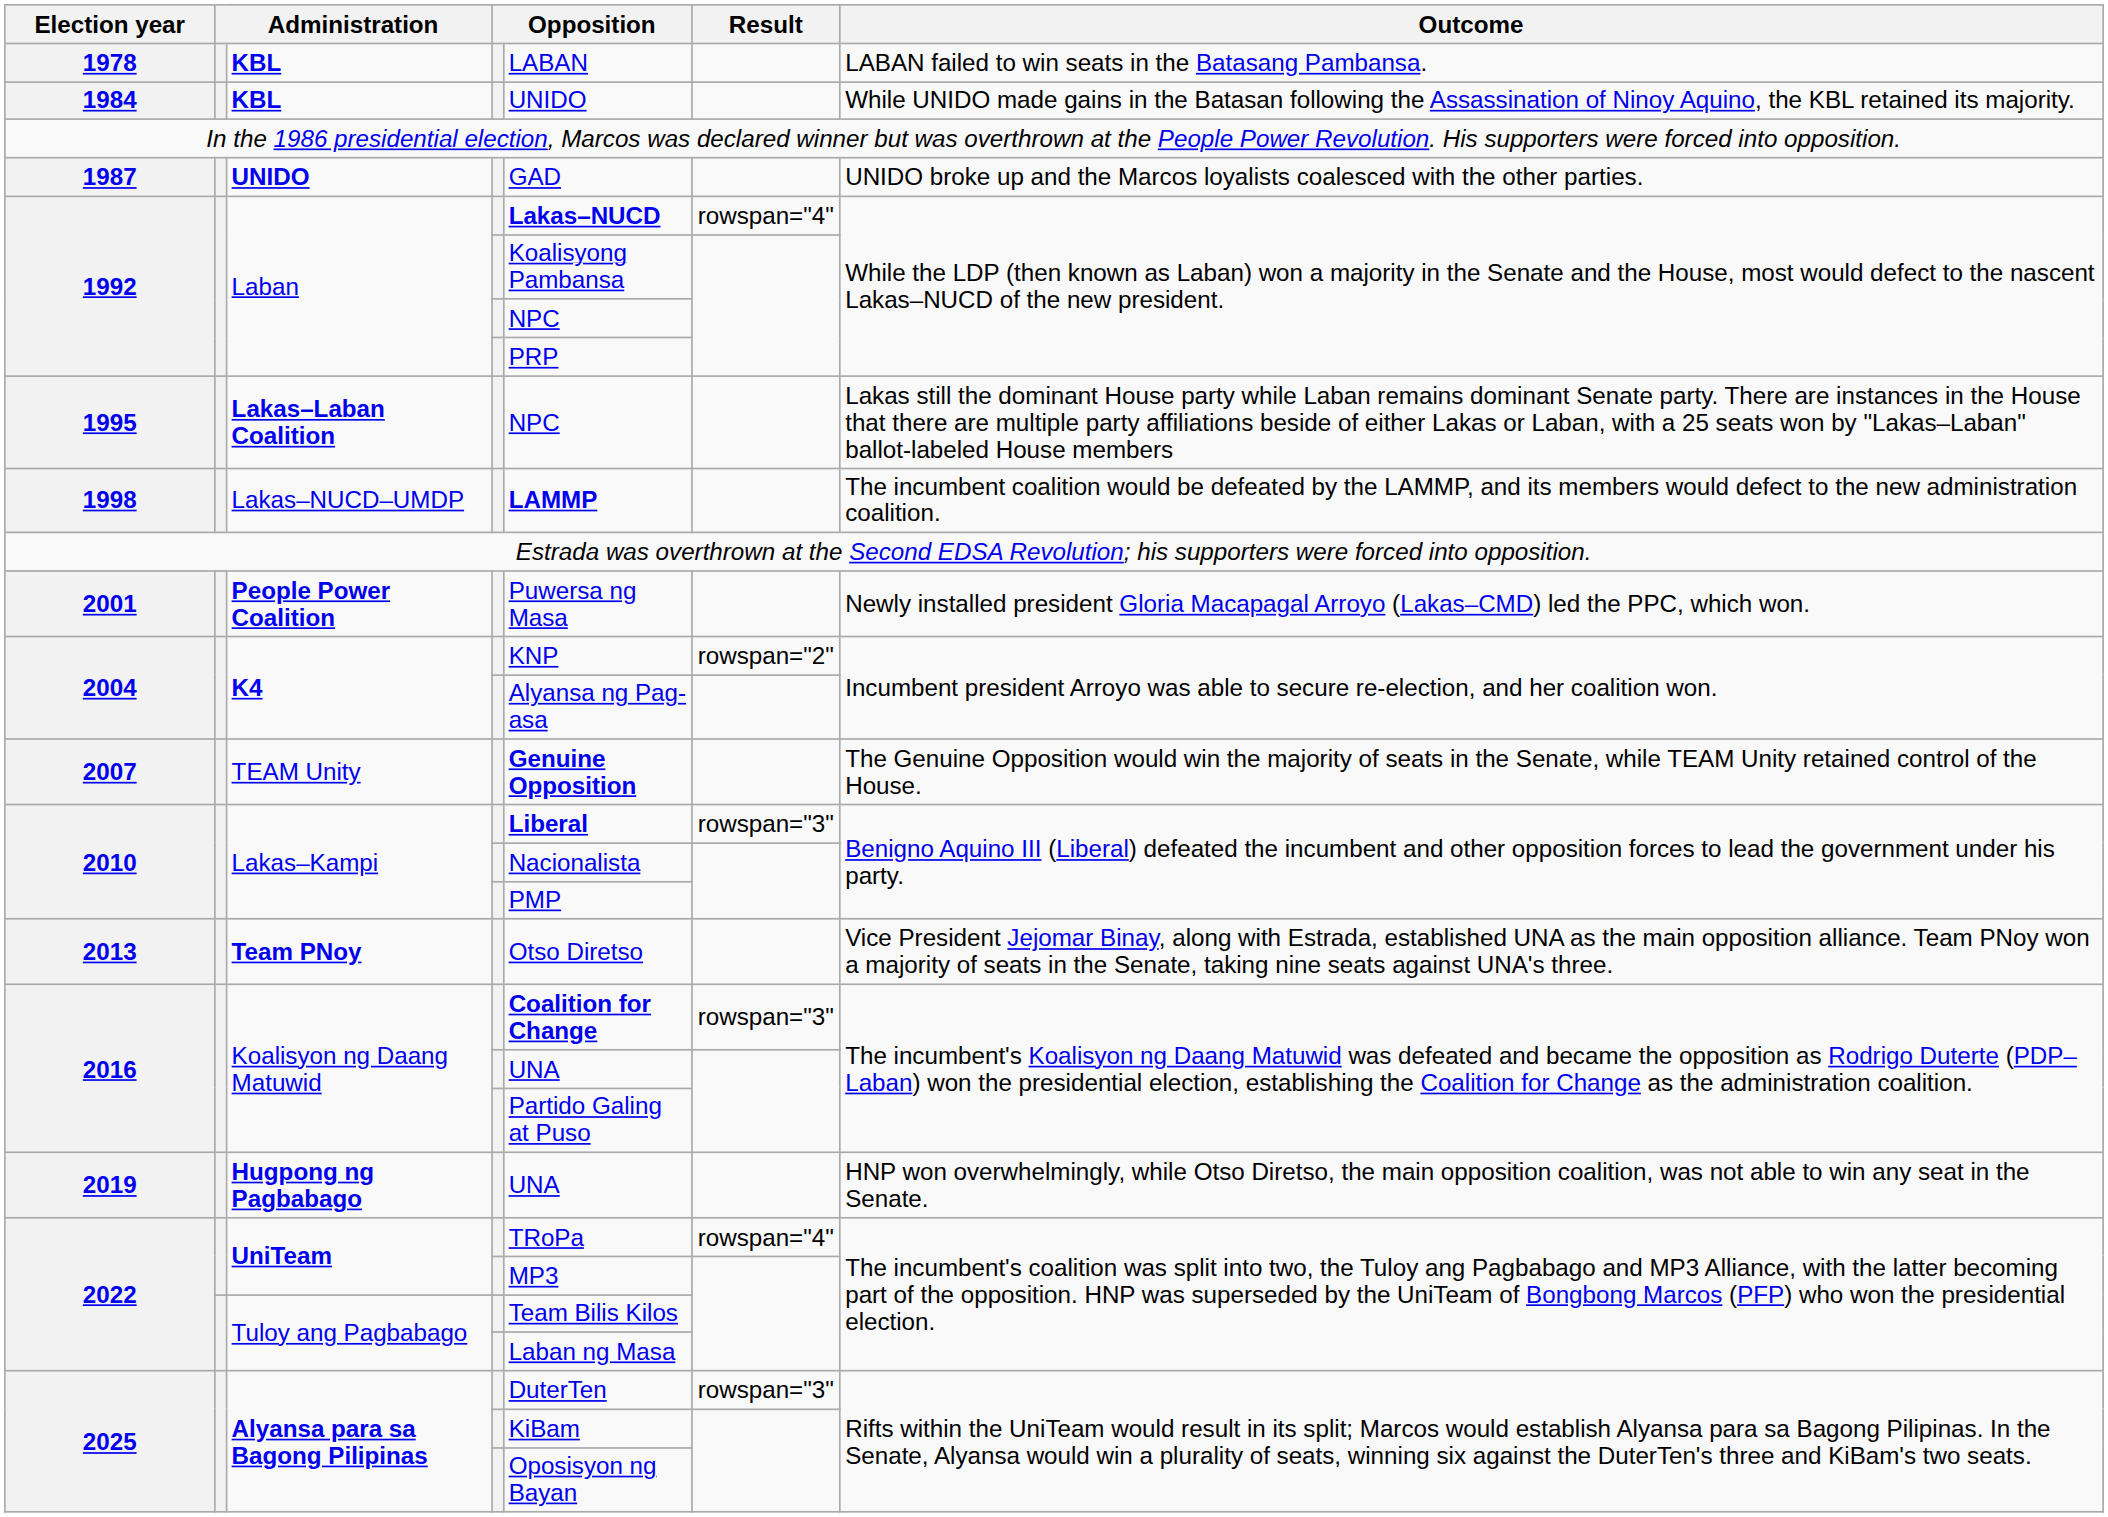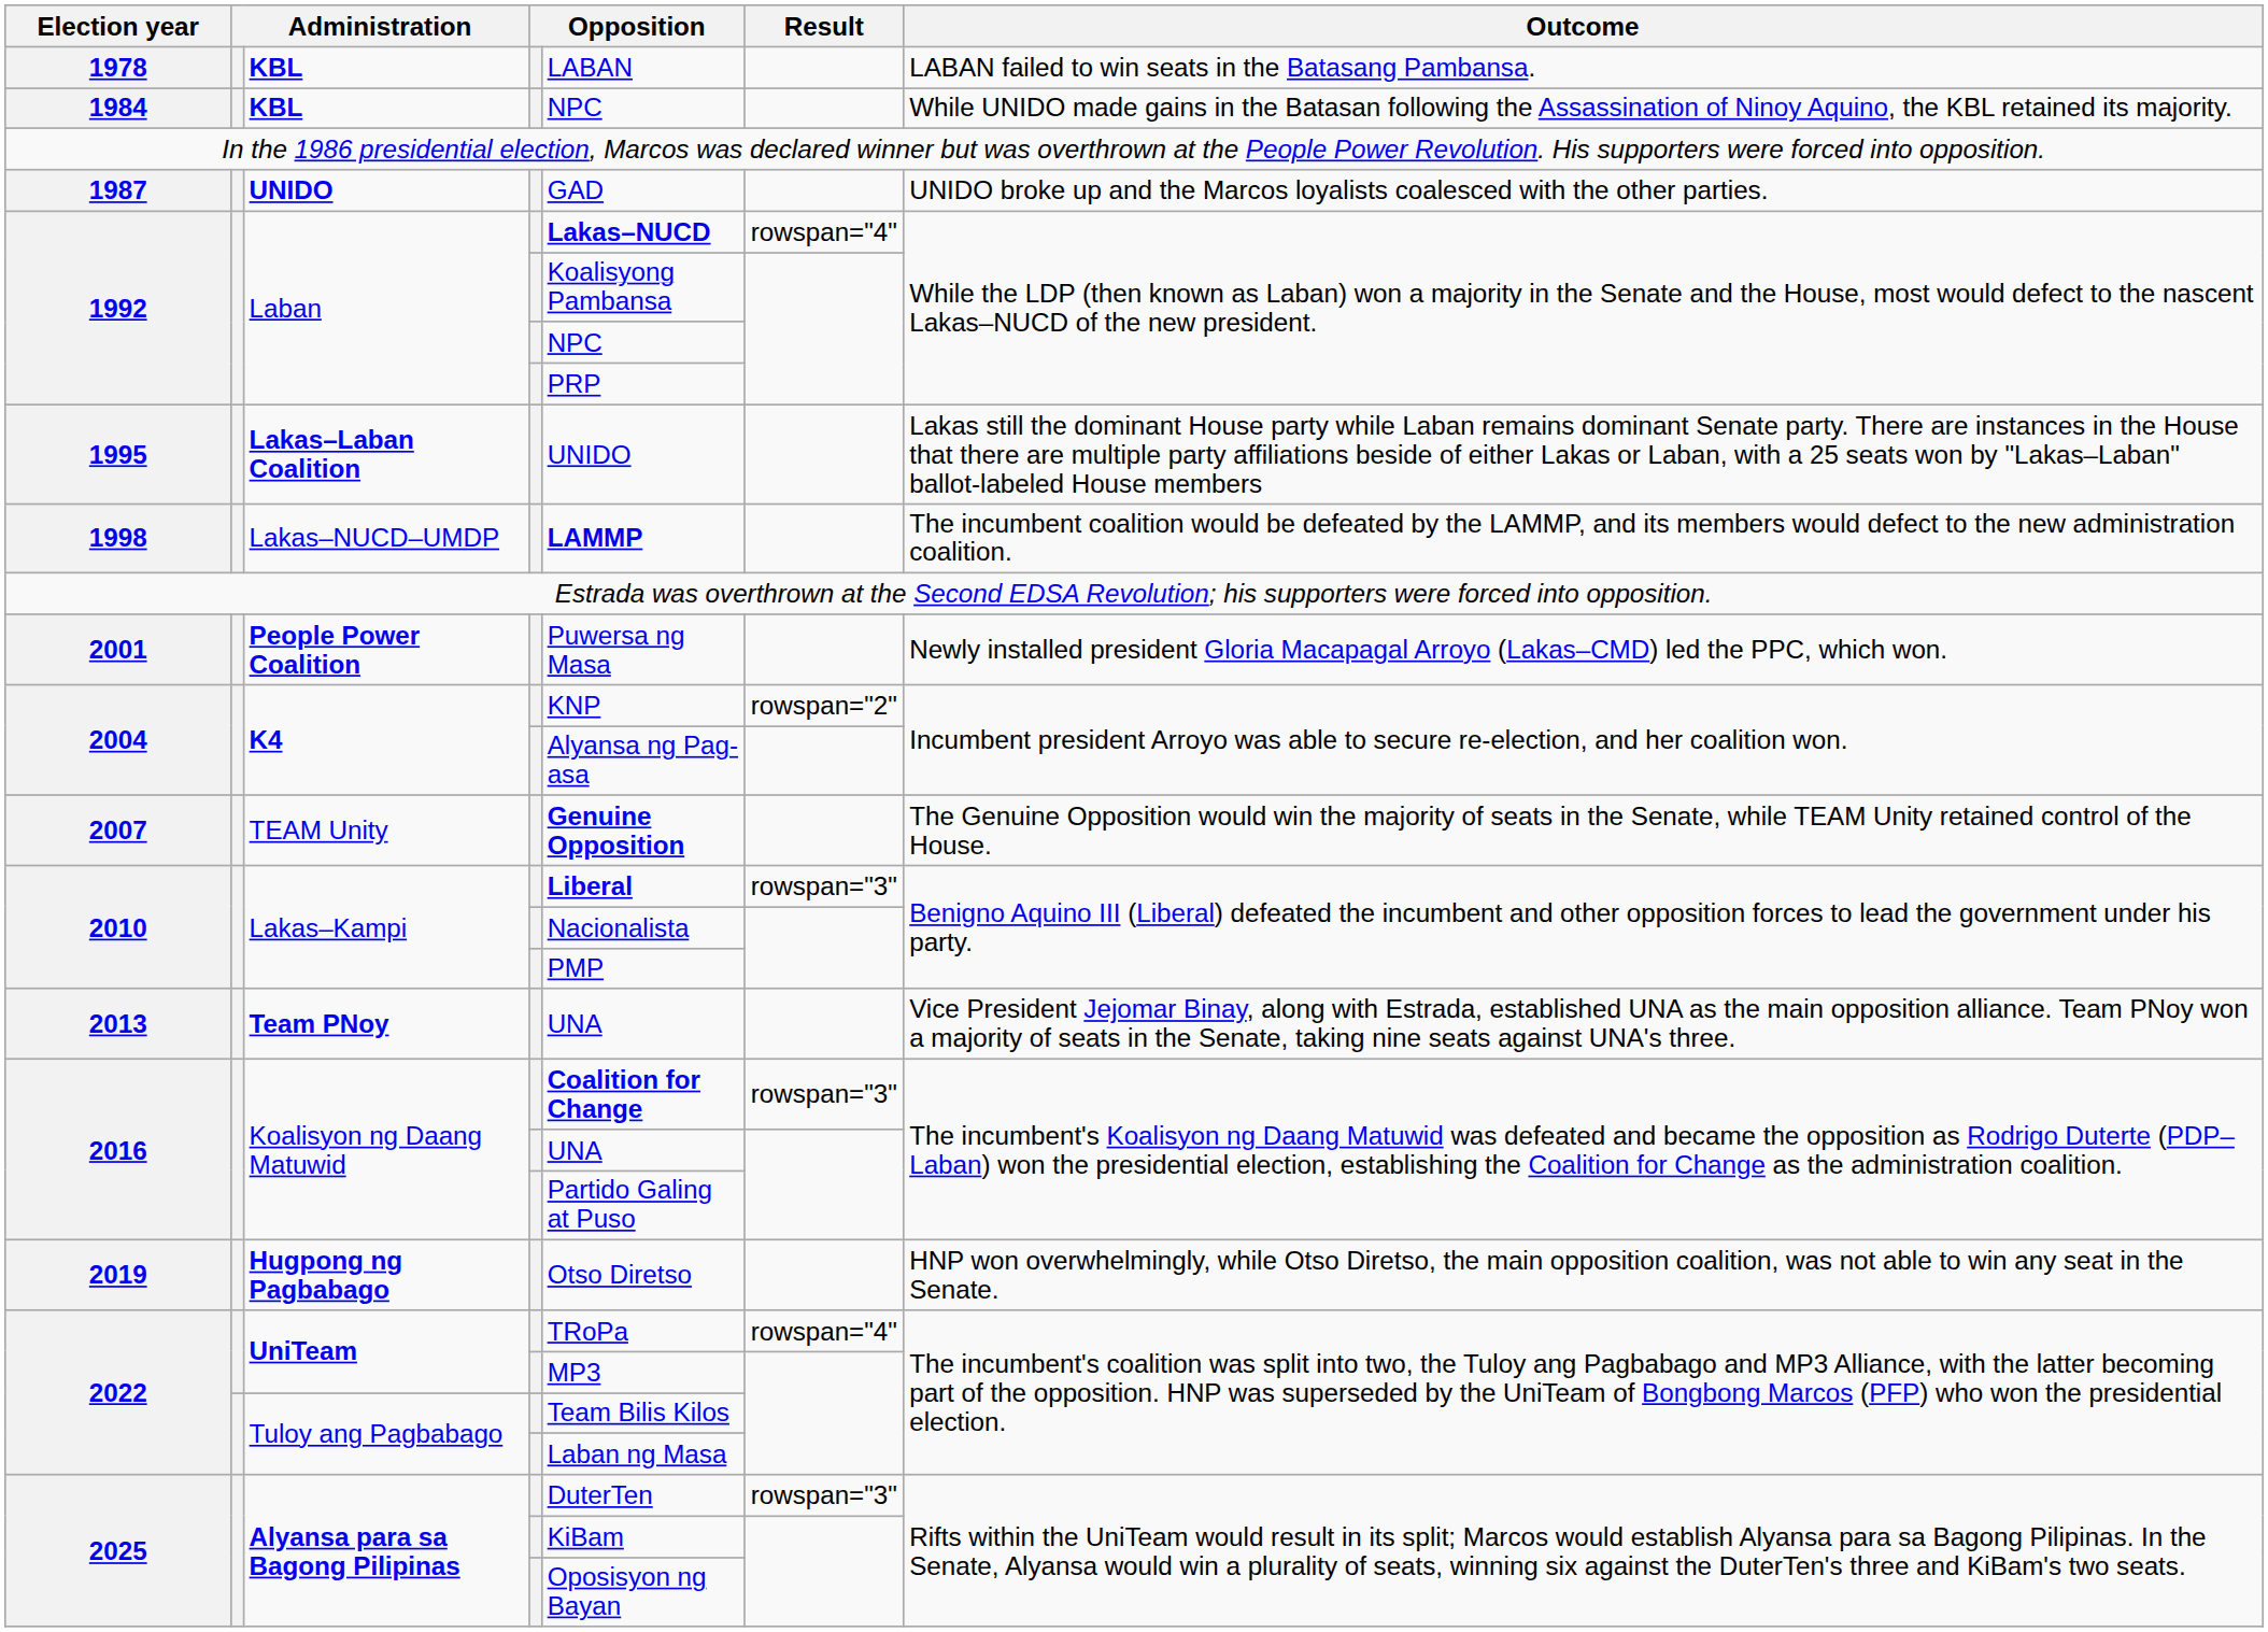 <table class="wikitable sortable" style="font-size:90%">
 <tr>
 <th width="10%">Election year</th>
 <th colspan="2">Administration</th>
 <th colspan="2">Opposition</th>
 <th>Result</th>
 <th>Outcome</th>
 </tr>
 <tr>
 <th><a href='#'>1978</a></th>
 <th style="background:"></th>
 <td><strong><a href='#'>KBL</a></strong></td>
 <th style="background:"></th>
 <td><a href='#'>LABAN</a></td>
 <td></td>
 <td>LABAN failed to win seats in the <a href='#'>Batasang Pambansa</a>.</td>
 </tr>
 <tr>
 <th><a href='#'>1984</a></th>
 <th style="background:"></th>
 <td><strong><a href='#'>KBL</a></strong></td>
 <th style="background:"></th>
-<td><a href='#'>UNIDO</a></td>
+<td><a href='#'>NPC</a></td>
 <td></td>
 <td>While UNIDO made gains in the Batasan following the <a href='#'>Assassination of Ninoy Aquino</a>, the KBL retained its majority.</td>
 </tr>
 <tr>
 <td colspan="7" style="text-align:center"><em>In the <a href='#'>1986 presidential election</a>, Marcos was declared winner but was overthrown at the <a href='#'>People Power Revolution</a>. His supporters were forced into opposition.</em></td>
 </tr>
 <tr>
 <th><a href='#'>1987</a></th>
 <th style="background:"></th>
 <td><strong><a href='#'>UNIDO</a></strong></td>
 <th style="background:"></th>
 <td><a href='#'>GAD</a></td>
 <td></td>
 <td>UNIDO broke up and the Marcos loyalists coalesced with the other parties.</td>
 </tr>
 <tr>
 <th rowspan="4"><a href='#'>1992</a></th>
 <th rowspan="4" style="background:"></th>
 <td rowspan="4"><a href='#'>Laban</a></td>
 <th style="background:"></th>
 <td><strong><a href='#'>Lakas–NUCD</a></strong></td>
 <td>rowspan="4" </td>
 <td rowspan="4">While the LDP (then known as Laban) won a majority in the Senate and the House, most would defect to the nascent Lakas–NUCD of the new president.</td>
 </tr>
 <tr>
 <th style="background:"></th>
 <td><a href='#'>Koalisyong Pambansa</a></td>
 </tr>
 <tr>
 <th style="background:"></th>
 <td><a href='#'>NPC</a></td>
 </tr>
 <tr>
 <th style="background:"></th>
 <td><a href='#'>PRP</a></td>
 </tr>
 <tr>
 <th><a href='#'>1995</a></th>
 <th style="background:"></th>
 <td><a href='#'><strong>Lakas–Laban Coalition</strong></a></td>
 <th style="background:"></th>
-<td><a href='#'>NPC</a></td>
+<td><a href='#'>UNIDO</a></td>
 <td></td>
 <td>Lakas still the dominant House party  while Laban remains dominant Senate party. There are instances in the House that there are multiple party affiliations beside of either Lakas or Laban, with a 25 seats won by "Lakas–Laban" ballot-labeled House members</td>
 </tr>
 <tr>
 <th><a href='#'>1998</a></th>
 <th style="background:"></th>
 <td><a href='#'>Lakas–NUCD–UMDP</a></td>
 <th style="background:"></th>
 <td><strong><a href='#'>LAMMP</a></strong></td>
 <td></td>
 <td>The incumbent coalition would be defeated by the LAMMP, and its members would defect to the new administration coalition.</td>
 </tr>
 <tr>
 <td colspan="7" style="text-align:center"><em>Estrada was overthrown at the <a href='#'>Second EDSA Revolution</a>; his supporters were forced into opposition.</em></td>
 </tr>
 <tr>
 <th><a href='#'>2001</a></th>
 <th style="background:"></th>
 <td><strong><a href='#'>People Power Coalition</a></strong></td>
 <th style="background:"></th>
 <td><a href='#'>Puwersa ng Masa</a></td>
 <td></td>
 <td>Newly installed president <a href='#'>Gloria Macapagal Arroyo</a> (<a href='#'>Lakas–CMD</a>) led the PPC, which won.</td>
 </tr>
 <tr>
 <th rowspan="2"><a href='#'>2004</a></th>
 <th rowspan="2" style="background:"></th>
 <td rowspan="2"><strong><a href='#'>K4</a></strong></td>
 <th style="background:"></th>
 <td><a href='#'>KNP</a></td>
 <td>rowspan="2" </td>
 <td rowspan="2">Incumbent president Arroyo was able to secure re-election, and her coalition won.</td>
 </tr>
 <tr>
 <th style="background:"></th>
 <td><a href='#'>Alyansa ng Pag-asa</a></td>
 </tr>
 <tr>
 <th><a href='#'>2007</a></th>
 <th style="background:"></th>
 <td><a href='#'>TEAM Unity</a></td>
 <th style="background:"></th>
 <td><strong><a href='#'>Genuine Opposition</a></strong></td>
 <td></td>
 <td>The Genuine Opposition would win the majority of seats in the Senate, while TEAM Unity retained control of the House.</td>
 </tr>
 <tr>
 <th rowspan="3"><a href='#'>2010</a></th>
 <th rowspan="3" style="background:"></th>
 <td rowspan="3"><a href='#'>Lakas–Kampi</a></td>
 <th style="background:"></th>
 <td><a href='#'><strong>Liberal</strong></a></td>
 <td>rowspan="3" </td>
 <td rowspan="3"><a href='#'>Benigno Aquino III</a> (<a href='#'>Liberal</a>) defeated the incumbent and other opposition forces to lead the government under his party.</td>
 </tr>
 <tr>
 <th style="background:"></th>
 <td><a href='#'>Nacionalista</a></td>
 </tr>
 <tr>
 <th style="background:"></th>
 <td><a href='#'>PMP</a></td>
 </tr>
 <tr>
 <th><a href='#'>2013</a></th>
 <th style="background:"></th>
 <td><strong><a href='#'>Team PNoy</a></strong></td>
 <th style="background:"></th>
-<td><a href='#'>Otso Diretso</a></td>
+<td><a href='#'>UNA</a></td>
 <td></td>
 <td>Vice President <a href='#'>Jejomar Binay</a>, along with Estrada, established UNA as the main opposition alliance. Team PNoy won a majority of seats in the Senate, taking nine seats against UNA's three.</td>
 </tr>
 <tr>
 <th rowspan="3"><a href='#'>2016</a></th>
 <th rowspan="3" style="background:"></th>
 <td rowspan="3"><a href='#'>Koalisyon ng Daang Matuwid</a></td>
 <th style="background:"></th>
 <td><a href='#'><strong>Coalition for Change</strong></a></td>
 <td>rowspan="3" </td>
 <td rowspan="3">The incumbent's <a href='#'>Koalisyon ng Daang Matuwid</a> was defeated and became the opposition as <a href='#'>Rodrigo Duterte</a> (<a href='#'>PDP–Laban</a>) won the presidential election, establishing the <a href='#'>Coalition for Change</a> as the administration coalition.</td>
 </tr>
 <tr>
 <th style="background:"></th>
 <td><a href='#'>UNA</a></td>
 </tr>
 <tr>
 <th style="background:"></th>
 <td><a href='#'>Partido Galing at Puso</a></td>
 </tr>
 <tr>
 <th><a href='#'>2019</a></th>
 <th style="background:"></th>
 <td><strong><a href='#'>Hugpong ng Pagbabago</a></strong></td>
 <th style="background:"></th>
-<td><a href='#'>UNA</a></td>
+<td><a href='#'>Otso Diretso</a></td>
 <td></td>
 <td>HNP won overwhelmingly, while Otso Diretso, the main opposition coalition, was not able to win any seat in the Senate.</td>
 </tr>
 <tr>
 <th rowspan="4"><a href='#'>2022</a></th>
 <th rowspan="2" style="background:"></th>
 <td rowspan="2"><strong><a href='#'>UniTeam</a></strong></td>
 <th style="background:"></th>
 <td><a href='#'>TRoPa</a></td>
 <td>rowspan="4" </td>
 <td rowspan="4">The incumbent's coalition was split into two, the Tuloy ang Pagbabago and MP3 Alliance, with the latter becoming part of the opposition. HNP was superseded by the UniTeam of <a href='#'>Bongbong Marcos</a> (<a href='#'>PFP</a>) who won the presidential election.</td>
 </tr>
 <tr>
 <th style="background:"></th>
 <td><a href='#'>MP3</a></td>
 </tr>
 <tr>
 <th rowspan="2" style="background:"></th>
 <td rowspan="2"><a href='#'>Tuloy ang Pagbabago</a></td>
 <th style="background:"></th>
 <td><a href='#'>Team Bilis Kilos</a></td>
 </tr>
 <tr>
 <th style="background:"></th>
 <td><a href='#'>Laban ng Masa</a></td>
 </tr>
 <tr>
 <th rowspan="3"><a href='#'>2025</a></th>
 <th rowspan="3" style="background:"></th>
 <td rowspan="3"><a href='#'><strong>Alyansa para sa Bagong Pilipinas</strong></a></td>
 <th style="background:"></th>
 <td><a href='#'>DuterTen</a></td>
 <td>rowspan="3" </td>
 <td rowspan="3">Rifts within the UniTeam would result in its split; Marcos would establish Alyansa para sa Bagong Pilipinas. In the Senate, Alyansa would win a plurality of seats, winning six against the DuterTen's three and KiBam's two seats.</td>
 </tr>
 <tr>
 <th style="background:"></th>
 <td><a href='#'>KiBam</a></td>
 </tr>
 <tr>
 <th style="background:"></th>
 <td><a href='#'>Oposisyon ng Bayan</a></td>
 </tr>
 </table>
